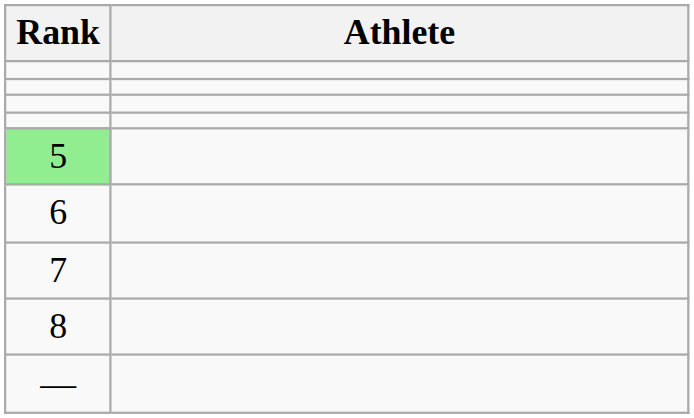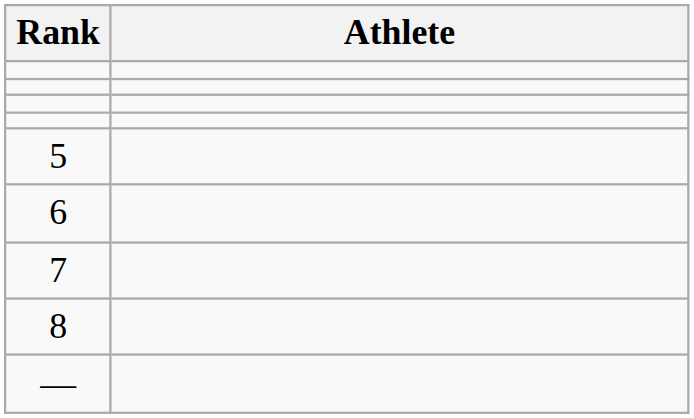 <table class="wikitable" style="text-align: center;">
 <tr>
 <th width=40>Rank</th>
 <th width=250>Athlete</th>
 </tr>
 <tr>
 <td></td>
 <td align=left></td>
 </tr>
 <tr>
 <td></td>
 <td align=left></td>
 </tr>
 <tr>
 <td></td>
 <td align=left></td>
 </tr>
 <tr>
 <td></td>
 <td align=left></td>
 </tr>
 <tr>
-<td style="background: lightgreen;">5</td>
+<td>5</td>
 <td align=left></td>
 </tr>
 <tr>
 <td>6</td>
 <td align=left></td>
 </tr>
 <tr>
 <td>7</td>
 <td align=left></td>
 </tr>
 <tr>
 <td>8</td>
 <td align=left></td>
 </tr>
 <tr>
 <td>—</td>
 <td align=left></td>
 </tr>
 </table>
